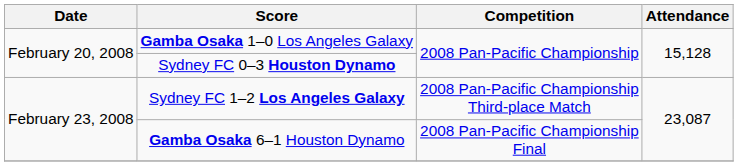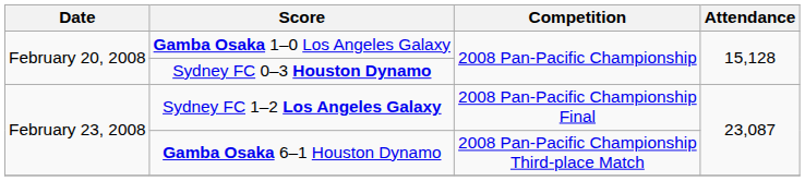 <table class="wikitable">
 <tr>
 <th style="text-align:center; ">Date</th>
 <th style="text-align:center; ">Score</th>
 <th style="text-align:center; ">Competition</th>
 <th style="text-align:center; ">Attendance</th>
 </tr>
 <tr>
 <td rowspan="2" style="text-align:center;">February 20, 2008</td>
 <td style="text-align:center;"><strong><a href='#'>Gamba Osaka</a></strong>  1–0  <a href='#'>Los Angeles Galaxy</a></td>
 <td rowspan="2" style="text-align:center;"><a href='#'>2008 Pan-Pacific Championship</a></td>
 <td rowspan="2" style="text-align:center;">15,128</td>
 </tr>
 <tr>
 <td style="text-align:center;"><a href='#'>Sydney FC</a>  0–3  <strong><a href='#'>Houston Dynamo</a></strong></td>
 </tr>
 <tr>
 <td rowspan="2" style="text-align:center;">February 23, 2008</td>
 <td style="text-align:center;"><a href='#'>Sydney FC</a>  1–2  <strong><a href='#'>Los Angeles Galaxy</a></strong></td>
-<td style="text-align:center;"><a href='#'>2008 Pan-Pacific Championship<br>Third-place Match</a></td>
+<td style="text-align:center;"><a href='#'>2008 Pan-Pacific Championship<br>Final</a></td>
 <td rowspan="2" style="text-align:center;">23,087</td>
 </tr>
 <tr>
 <td style="text-align:center;"><strong><a href='#'>Gamba Osaka</a></strong>  6–1  <a href='#'>Houston Dynamo</a></td>
-<td style="text-align:center;"><a href='#'>2008 Pan-Pacific Championship<br>Final</a></td>
+<td style="text-align:center;"><a href='#'>2008 Pan-Pacific Championship<br>Third-place Match</a></td>
 </tr>
 <tr>
 </tr>
 </table>
